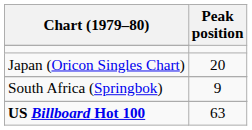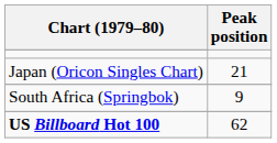 <table class="wikitable sortable">
 <tr>
 <th>Chart (1979–80)</th>
 <th>Peak<br>position</th>
 </tr>
 <tr>
 </tr>
 <tr>
 </tr>
 <tr>
 </tr>
 <tr>
 <td></td>
 </tr>
 <tr>
 <td>Japan (<a href='#'>Oricon Singles Chart</a>)</td>
-<td style="text-align:center;">20</td>
+<td style="text-align:center;">21</td>
 </tr>
 <tr>
 </tr>
 <tr>
 </tr>
 <tr>
 <td>South Africa (<a href='#'>Springbok</a>)</td>
 <td style="text-align:center;">9</td>
 </tr>
 <tr>
 </tr>
 <tr>
 <td><strong>US <a href='#'><em>Billboard</em> Hot 100</a></strong></td>
-<td style="text-align:center;">63</td>
+<td style="text-align:center;">62</td>
 </tr>
 </table>
